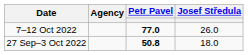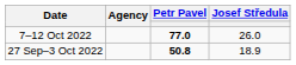 <table class="wikitable" style=text-align:center;font-size:85%;line-height:14px;">
 <tr>
 <th rowspan="2">Date</th>
 <th rowspan="2">Agency</th>
 <th><a href='#'>Petr Pavel</a></th>
 <th><a href='#'>Josef Středula</a></th>
 </tr>
 <tr>
 <th style="background:"></th>
 <th style="background:"></th>
 </tr>
 <tr>
 <td>7–12 Oct 2022</td>
 <td></td>
 <td><strong>77.0</strong></td>
 <td>26.0</td>
 </tr>
 <tr>
 <td>27 Sep–3 Oct 2022</td>
 <td></td>
 <td><strong>50.8</strong></td>
-<td>18.0</td>
+<td>18.9</td>
 </tr>
 </table>
